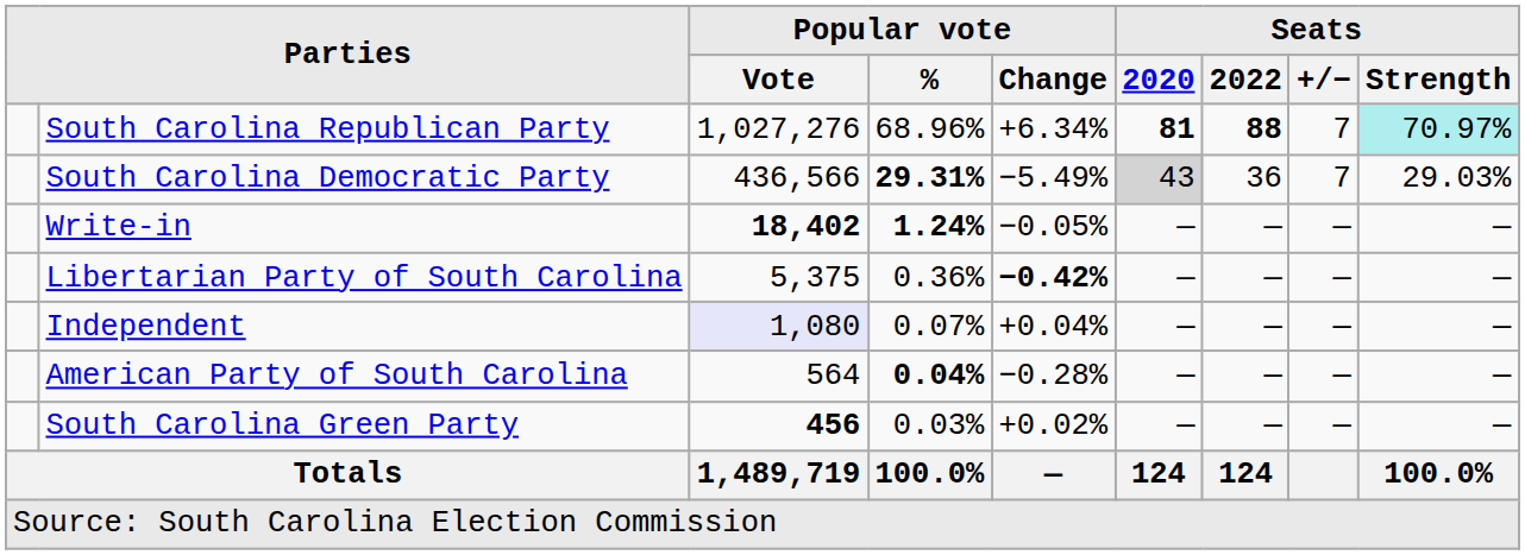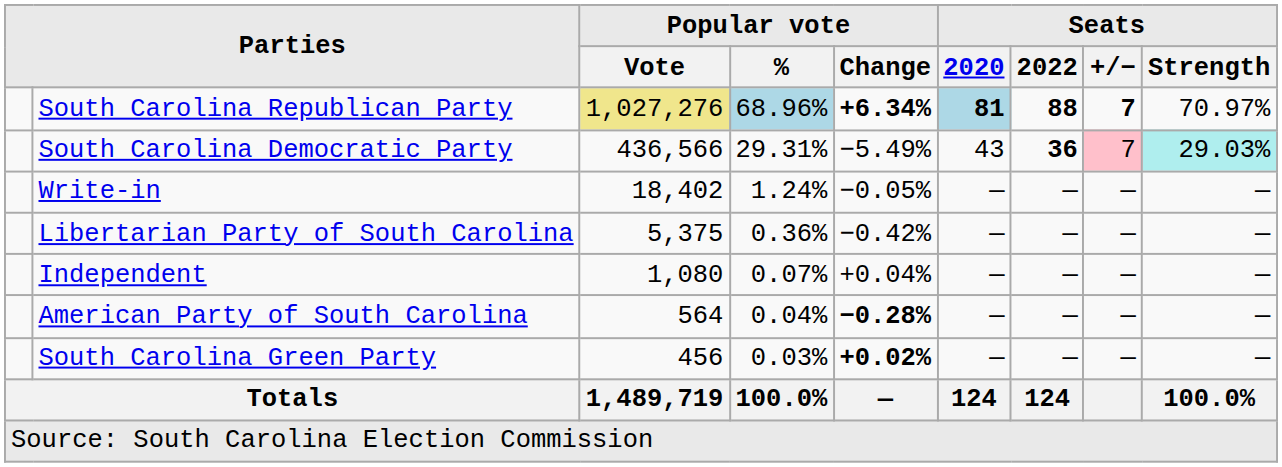 <table class="wikitable">
 <tr>
 <th style="background:#e9e9e9; text-align:center" rowspan="2" colspan="2">Parties</th>
 <th style="background:#e9e9e9; text-align:center" colspan="3">Popular vote</th>
 <th style="background:#e9e9e9; text-align:center" colspan="4">Seats</th>
 </tr>
 <tr style="background:#e9e9e9">
 <th>Vote</th>
 <th>%</th>
 <th>Change</th>
 <th><a href='#'>2020</a></th>
 <th>2022</th>
 <th>+/−</th>
 <th>Strength</th>
 </tr>
 <tr>
 <td style="background-color:"> </td>
 <td><a href='#'>South Carolina Republican Party</a></td>
-<td align=right>1,027,276</td>
-<td align=right>68.96%</td>
-<td align=right>+6.34%</td>
-<td align=right><strong>81</strong></td>
+<td align=right style="background: khaki;">1,027,276</td>
+<td align=right style="background: lightblue;">68.96%</td>
+<td align=right><strong>+6.34%</strong></td>
+<td align=right style="background: lightblue;"><strong>81</strong></td>
 <td align=right><strong>88</strong></td>
-<td align=right> 7</td>
-<td align=right style="background: paleturquoise;">70.97%</td>
+<td align=right><strong> 7</strong></td>
+<td align=right>70.97%</td>
 </tr>
 <tr>
 <td style="background-color:"> </td>
 <td><a href='#'>South Carolina Democratic Party</a></td>
 <td align=right>436,566</td>
-<td align=right><strong>29.31%</strong></td>
+<td align=right>29.31%</td>
 <td align=right>−5.49%</td>
-<td align=right style="background: lightgrey;">43</td>
-<td align=right>36</td>
-<td align=right> 7</td>
-<td align=right>29.03%</td>
+<td align=right>43</td>
+<td align=right><strong>36</strong></td>
+<td align=right style="background: pink;"> 7</td>
+<td align=right style="background: paleturquoise;">29.03%</td>
 </tr>
 <tr>
 <td style="background-color:"> </td>
 <td><a href='#'>Write-in</a></td>
-<td align="right"><strong>18,402</strong></td>
-<td align="right"><strong>1.24%</strong></td>
+<td align="right">18,402</td>
+<td align="right">1.24%</td>
 <td align="right">−0.05%</td>
 <td align="right">—</td>
 <td align="right">—</td>
 <td align="right">—</td>
 <td align="right">—</td>
 </tr>
 <tr>
 <td style="background-color:"> </td>
 <td><a href='#'>Libertarian Party of South Carolina</a></td>
 <td align="right">5,375</td>
 <td align="right">0.36%</td>
-<td align="right"><strong>−0.42%</strong></td>
+<td align="right">−0.42%</td>
 <td align="right">—</td>
 <td align="right">—</td>
 <td align="right">—</td>
 <td align="right">—</td>
 </tr>
 <tr>
 <td style="background-color:"> </td>
 <td><a href='#'>Independent</a></td>
-<td align="right" style="background: lavender;">1,080</td>
+<td align="right">1,080</td>
 <td align="right">0.07%</td>
 <td align="right">+0.04%</td>
 <td align="right">—</td>
 <td align="right">—</td>
 <td align="right">—</td>
 <td align="right">—</td>
 </tr>
 <tr>
 <td style="background-color:"> </td>
 <td><a href='#'>American Party of South Carolina</a></td>
 <td align="right">564</td>
-<td align="right"><strong>0.04%</strong></td>
-<td align="right">−0.28%</td>
+<td align="right">0.04%</td>
+<td align="right"><strong>−0.28%</strong></td>
 <td align="right">—</td>
 <td align="right">—</td>
 <td align="right">—</td>
 <td align="right">—</td>
 </tr>
 <tr>
 <td style="background-color:"> </td>
 <td><a href='#'>South Carolina Green Party</a></td>
-<td align="right"><strong>456</strong></td>
+<td align="right">456</td>
 <td align="right">0.03%</td>
-<td align="right">+0.02%</td>
+<td align="right"><strong>+0.02%</strong></td>
 <td align="right">—</td>
 <td align="right">—</td>
 <td align="right">—</td>
 <td align="right">—</td>
 </tr>
 <tr style="background:#ccc">
 <th colspan="2">Totals</th>
 <th>1,489,719</th>
 <th>100.0%</th>
 <th>—</th>
 <th>124</th>
 <th>124</th>
 <th></th>
 <th>100.0%</th>
 </tr>
 <tr bgcolor="E9E9E9">
 <td colspan="9" align="left">Source: South Carolina Election Commission</td>
 </tr>
 </table>
